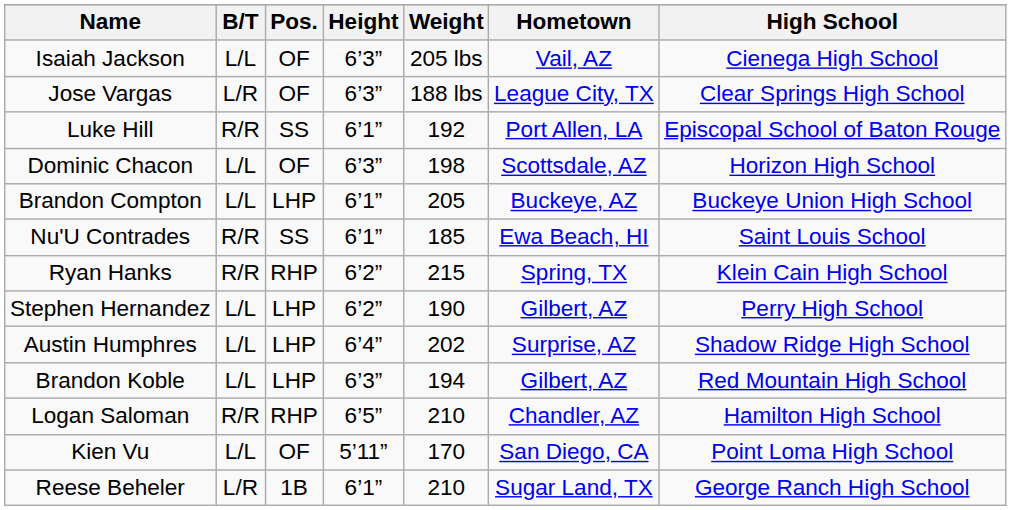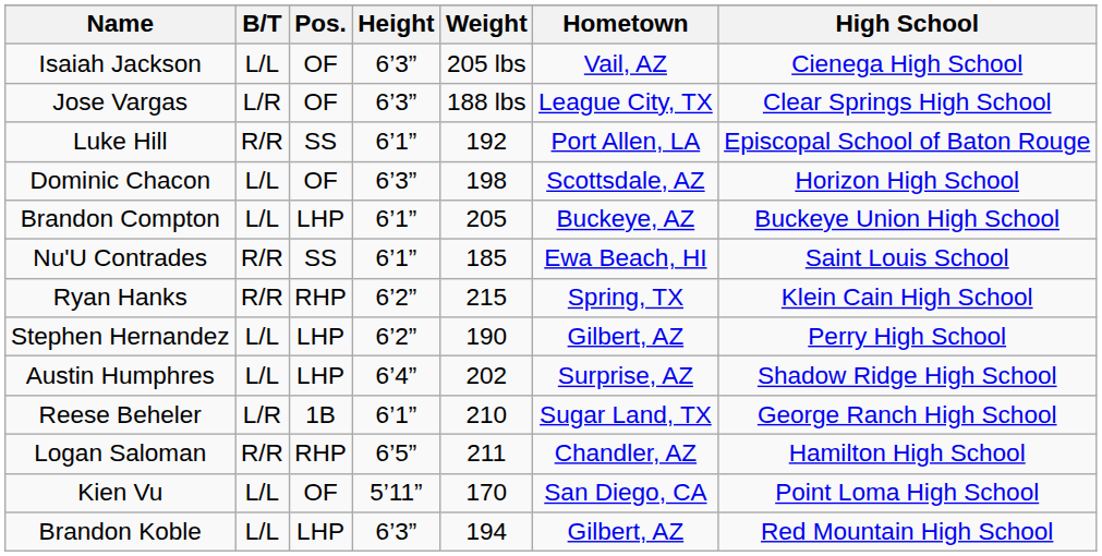 <table class="wikitable sortable">
 <tr>
 </tr>
 <tr>
 <th>Name</th>
 <th>B/T</th>
 <th>Pos.</th>
 <th>Height</th>
 <th>Weight</th>
 <th>Hometown</th>
 <th>High School</th>
 </tr>
 <tr align="center">
 <td>Isaiah Jackson</td>
 <td>L/L</td>
 <td>OF</td>
 <td>6’3”</td>
 <td>205 lbs</td>
 <td><a href='#'>Vail, AZ</a></td>
 <td><a href='#'>Cienega High School</a></td>
 </tr>
 <tr align="center">
 <td>Jose Vargas</td>
 <td>L/R</td>
 <td>OF</td>
 <td>6’3”</td>
 <td>188 lbs</td>
 <td><a href='#'>League City, TX</a></td>
 <td><a href='#'>Clear Springs High School</a></td>
 </tr>
 <tr align="center">
 <td>Luke Hill</td>
 <td>R/R</td>
 <td>SS</td>
 <td>6’1”</td>
 <td>192</td>
 <td><a href='#'>Port Allen, LA</a></td>
 <td><a href='#'>Episcopal School of Baton Rouge</a></td>
 </tr>
 <tr align="center">
 <td>Dominic Chacon</td>
 <td>L/L</td>
 <td>OF</td>
 <td>6’3”</td>
 <td>198</td>
 <td><a href='#'>Scottsdale, AZ</a></td>
 <td><a href='#'>Horizon High School</a></td>
 </tr>
 <tr align="center">
 <td>Brandon Compton</td>
 <td>L/L</td>
 <td>LHP</td>
 <td>6’1”</td>
 <td>205</td>
 <td><a href='#'>Buckeye, AZ</a></td>
 <td><a href='#'>Buckeye Union High School</a></td>
 </tr>
 <tr align="center">
 <td>Nu'U Contrades</td>
 <td>R/R</td>
 <td>SS</td>
 <td>6’1”</td>
 <td>185</td>
 <td><a href='#'>Ewa Beach, HI</a></td>
 <td><a href='#'>Saint Louis School</a></td>
 </tr>
 <tr align="center">
 <td>Ryan Hanks</td>
 <td>R/R</td>
 <td>RHP</td>
 <td>6’2”</td>
 <td>215</td>
 <td><a href='#'>Spring, TX</a></td>
 <td><a href='#'>Klein Cain High School</a></td>
 </tr>
 <tr align="center">
 <td>Stephen Hernandez</td>
 <td>L/L</td>
 <td>LHP</td>
 <td>6’2”</td>
 <td>190</td>
 <td><a href='#'>Gilbert, AZ</a></td>
 <td><a href='#'>Perry High School</a></td>
 </tr>
 <tr align="center">
 <td>Austin Humphres</td>
 <td>L/L</td>
 <td>LHP</td>
 <td>6’4”</td>
 <td>202</td>
 <td><a href='#'>Surprise, AZ</a></td>
 <td><a href='#'>Shadow Ridge High School</a></td>
 </tr>
 <tr align="center">
-<td>Brandon Koble</td>
-<td>L/L</td>
-<td>LHP</td>
-<td>6’3”</td>
-<td>194</td>
-<td><a href='#'>Gilbert, AZ</a></td>
-<td><a href='#'>Red Mountain High School</a></td>
+<td>Reese Beheler</td>
+<td>L/R</td>
+<td>1B</td>
+<td>6’1”</td>
+<td>210</td>
+<td><a href='#'>Sugar Land, TX</a></td>
+<td><a href='#'>George Ranch High School</a></td>
 </tr>
 <tr align="center">
 <td>Logan Saloman</td>
 <td>R/R</td>
 <td>RHP</td>
 <td>6’5”</td>
-<td>210</td>
+<td>211</td>
 <td><a href='#'>Chandler, AZ</a></td>
 <td><a href='#'>Hamilton High School</a></td>
 </tr>
 <tr align="center">
 <td>Kien Vu</td>
 <td>L/L</td>
 <td>OF</td>
 <td>5’11”</td>
 <td>170</td>
 <td><a href='#'>San Diego, CA</a></td>
 <td><a href='#'>Point Loma High School</a></td>
 </tr>
 <tr align="center">
-<td>Reese Beheler</td>
-<td>L/R</td>
-<td>1B</td>
-<td>6’1”</td>
-<td>210</td>
-<td><a href='#'>Sugar Land, TX</a></td>
-<td><a href='#'>George Ranch High School</a></td>
+<td>Brandon Koble</td>
+<td>L/L</td>
+<td>LHP</td>
+<td>6’3”</td>
+<td>194</td>
+<td><a href='#'>Gilbert, AZ</a></td>
+<td><a href='#'>Red Mountain High School</a></td>
 </tr>
 </table>
